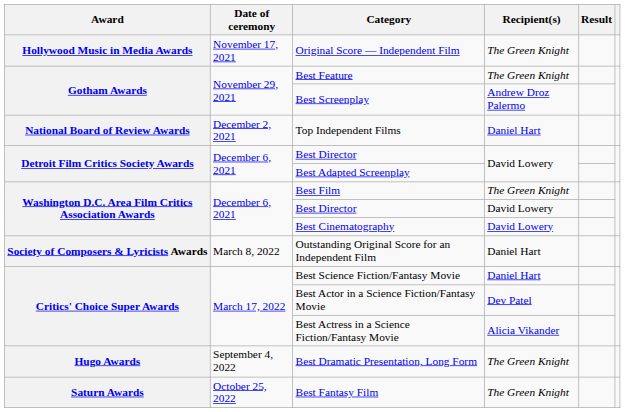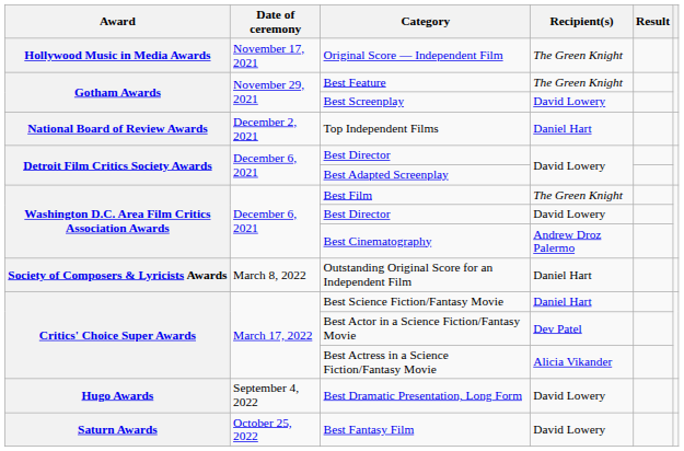 <table class="sortable wikitable plainrowheaders">
 <tr>
 <th>Award</th>
 <th>Date of ceremony</th>
 <th>Category</th>
 <th>Recipient(s)</th>
 <th>Result</th>
 <th></th>
 </tr>
 <tr>
 <th scope="row"><a href='#'>Hollywood Music in Media Awards</a></th>
 <td><a href='#'>November 17, 2021</a></td>
 <td><a href='#'>Original Score — Independent Film</a></td>
 <td><em>The Green Knight</em></td>
 <td></td>
 <td align="center"></td>
 </tr>
 <tr>
 <th scope="row" rowspan="2"><a href='#'>Gotham Awards</a></th>
 <td rowspan="2"><a href='#'>November 29, 2021</a></td>
 <td><a href='#'>Best Feature</a></td>
 <td><em>The Green Knight</em></td>
 <td></td>
 <td rowspan="2" align="center"></td>
 </tr>
 <tr>
 <td><a href='#'>Best Screenplay</a></td>
-<td><a href='#'>Andrew Droz Palermo</a></td>
+<td><a href='#'>David Lowery</a></td>
 <td></td>
 </tr>
 <tr>
 <th scope="row"><a href='#'>National Board of Review Awards</a></th>
 <td><a href='#'>December 2, 2021</a></td>
 <td>Top Independent Films</td>
 <td><a href='#'>Daniel Hart</a></td>
 <td></td>
 <td align="center"></td>
 </tr>
 <tr>
 <th scope="row" rowspan="2"><a href='#'>Detroit Film Critics Society Awards</a></th>
 <td rowspan="2"><a href='#'>December 6, 2021</a></td>
 <td><a href='#'>Best Director</a></td>
 <td rowspan="2">David Lowery</td>
 <td></td>
 <td rowspan="2" align="center"></td>
 </tr>
 <tr>
 <td><a href='#'>Best Adapted Screenplay</a></td>
 <td></td>
 </tr>
 <tr>
 <th scope="row" rowspan="3"><a href='#'>Washington D.C. Area Film Critics Association Awards</a></th>
 <td rowspan="3"><a href='#'>December 6, 2021</a></td>
 <td><a href='#'>Best Film</a></td>
 <td><em>The Green Knight</em></td>
 <td></td>
 <td rowspan="3" align="center"></td>
 </tr>
 <tr>
 <td><a href='#'>Best Director</a></td>
 <td>David Lowery</td>
 <td></td>
 </tr>
 <tr>
 <td><a href='#'>Best Cinematography</a></td>
-<td><a href='#'>David Lowery</a></td>
+<td><a href='#'>Andrew Droz Palermo</a></td>
 <td></td>
 </tr>
 <tr>
 <th scope="row"><a href='#'>Society of Composers & Lyricists</a> Awards</th>
 <td>March 8, 2022</td>
 <td>Outstanding Original Score for an Independent Film</td>
 <td>Daniel Hart</td>
 <td></td>
 <td align="center"></td>
 </tr>
 <tr>
 <th scope="row" rowspan="3"><a href='#'>Critics' Choice Super Awards</a></th>
 <td rowspan="3"><a href='#'>March 17, 2022</a></td>
 <td>Best Science Fiction/Fantasy Movie</td>
 <td><a href='#'>Daniel Hart</a></td>
 <td></td>
 <td rowspan="3" align="center"></td>
 </tr>
 <tr>
 <td>Best Actor in a Science Fiction/Fantasy Movie</td>
 <td><a href='#'>Dev Patel</a></td>
 <td></td>
 </tr>
 <tr>
 <td>Best Actress in a Science Fiction/Fantasy Movie</td>
 <td><a href='#'>Alicia Vikander</a></td>
 <td></td>
 </tr>
 <tr>
 <th scope="row"><a href='#'>Hugo Awards</a></th>
 <td>September 4, 2022</td>
 <td><a href='#'>Best Dramatic Presentation, Long Form</a></td>
-<td><em>The Green Knight</em></td>
+<td>David Lowery</td>
 <td></td>
 <td align="center"></td>
 </tr>
 <tr>
 <th scope="row"><a href='#'>Saturn Awards</a></th>
 <td><a href='#'>October 25, 2022</a></td>
 <td><a href='#'>Best Fantasy Film</a></td>
-<td><em>The Green Knight</em></td>
+<td>David Lowery</td>
 <td></td>
 <td align="center"></td>
 </tr>
 </table>
